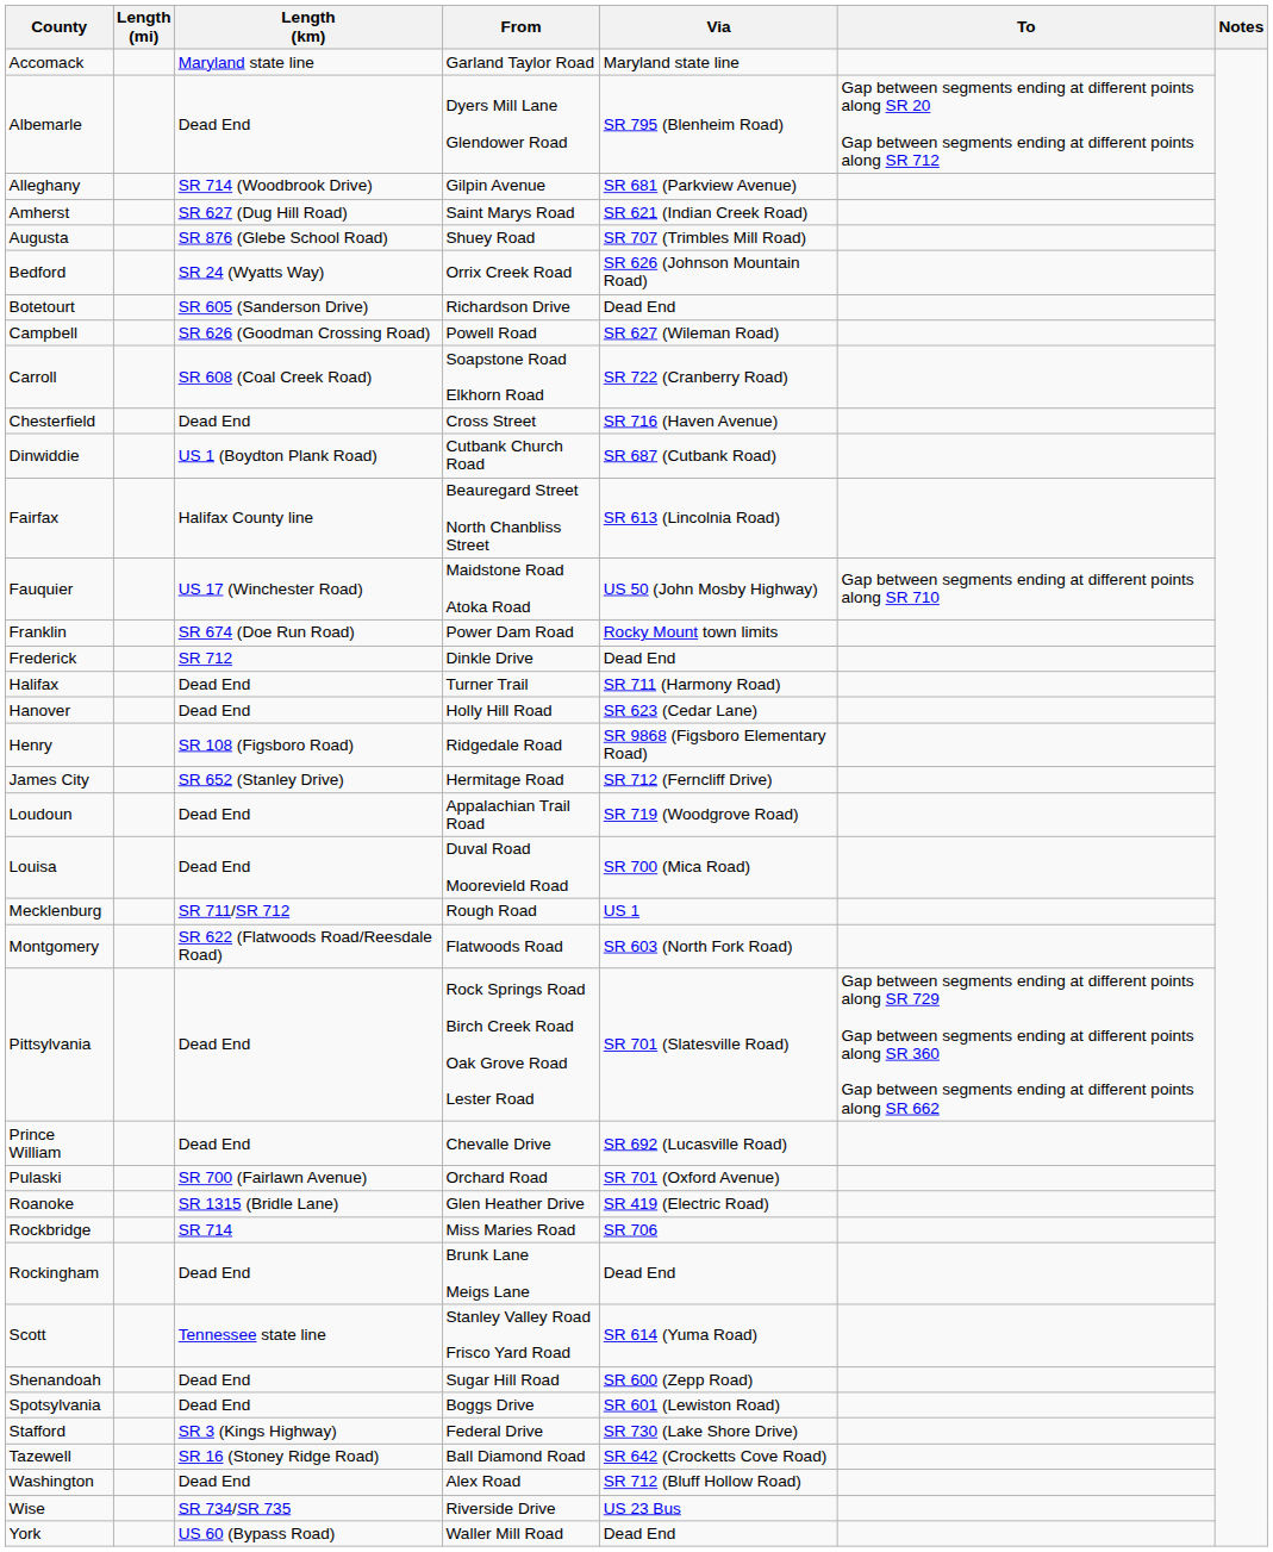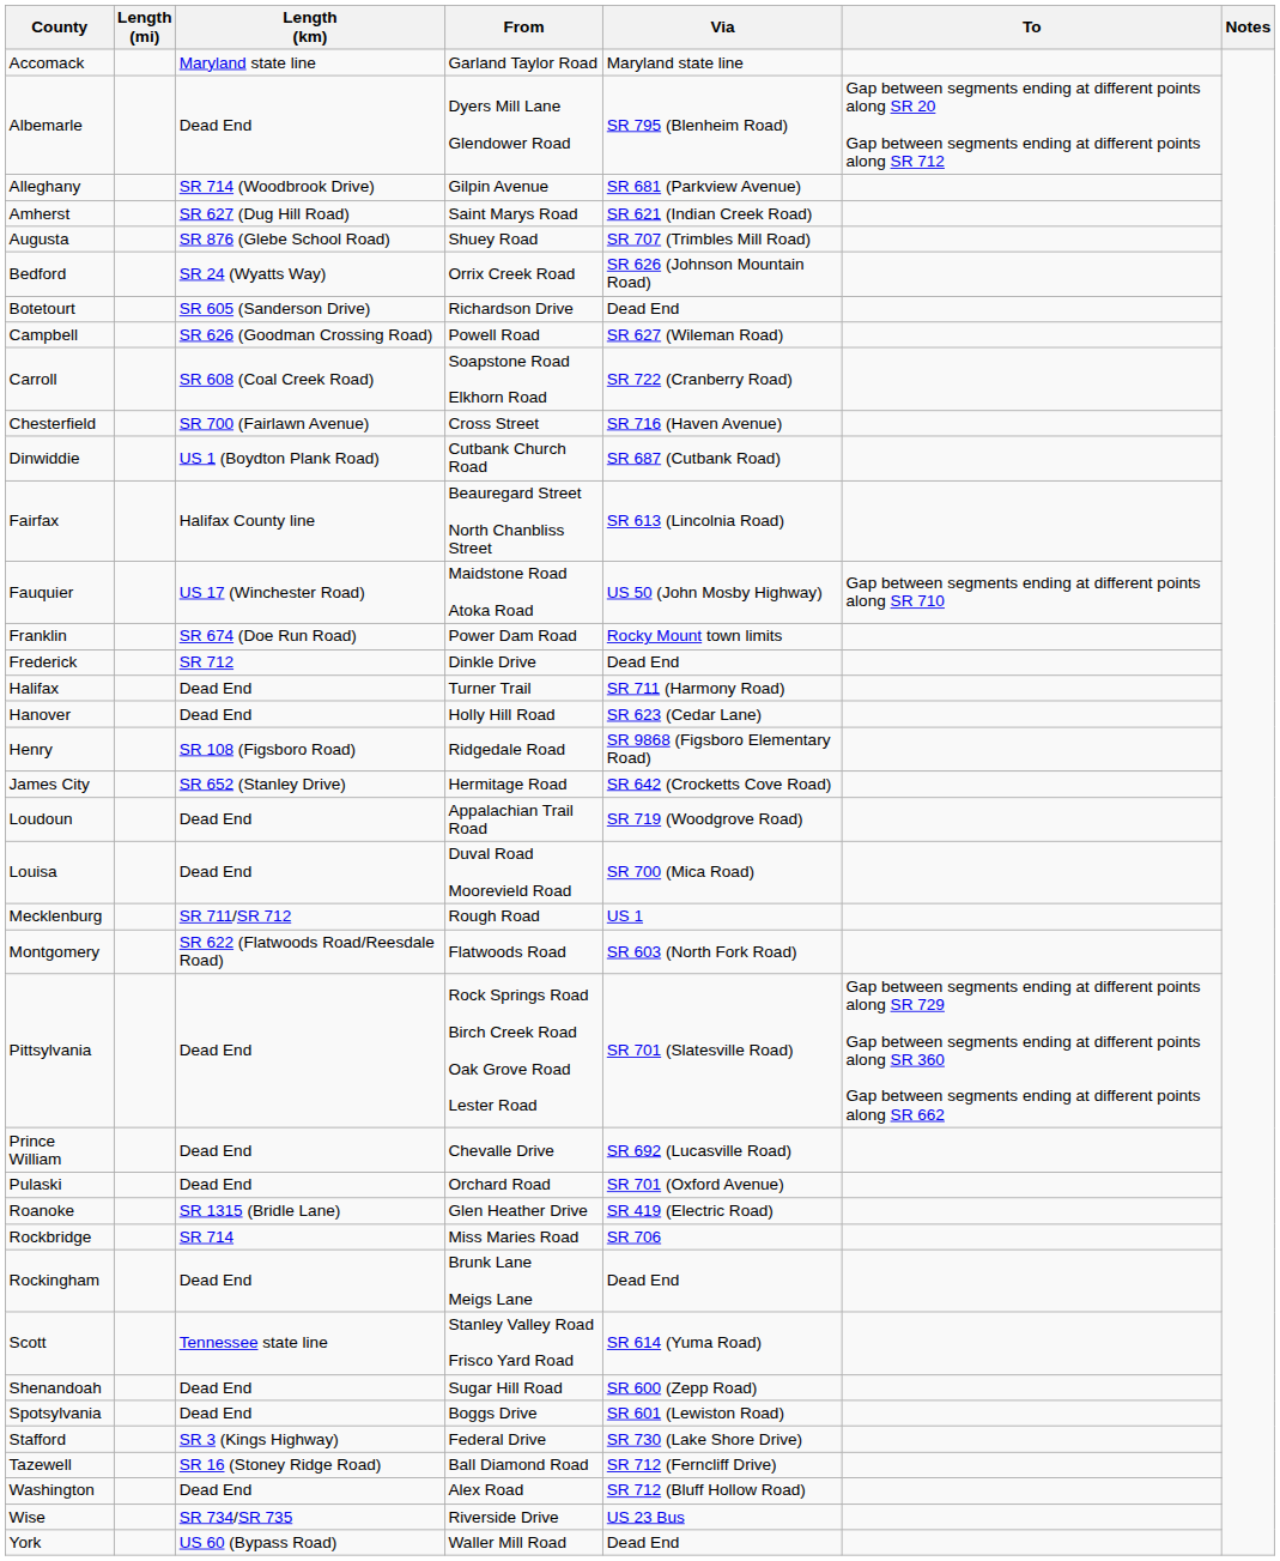 <table class="wikitable sortable">
 <tr>
 <th>County</th>
 <th>Length<br>(mi)</th>
 <th>Length<br>(km)</th>
 <th class="unsortable">From</th>
 <th class="unsortable">Via</th>
 <th class="unsortable">To</th>
 <th class="unsortable">Notes</th>
 </tr>
 <tr>
 <td id="Accomack">Accomack</td>
 <td></td>
 <td><a href='#'>Maryland</a> state line</td>
 <td>Garland Taylor Road</td>
 <td>Maryland state line</td>
 <td></td>
 </tr>
 <tr>
 <td id="Albemarle">Albemarle</td>
 <td></td>
 <td>Dead End</td>
 <td>Dyers Mill Lane<br><br>Glendower Road</td>
 <td><a href='#'>SR 795</a> (Blenheim Road)</td>
 <td>Gap between segments ending at different points along <a href='#'>SR 20</a><br><br>Gap between segments ending at different points along <a href='#'>SR 712</a></td>
 </tr>
 <tr>
 <td id="Alleghany">Alleghany</td>
 <td></td>
 <td><a href='#'>SR 714</a> (Woodbrook Drive)</td>
 <td>Gilpin Avenue</td>
 <td><a href='#'>SR 681</a> (Parkview Avenue)</td>
 <td><br></td>
 </tr>
 <tr>
 <td id="Amherst">Amherst</td>
 <td></td>
 <td><a href='#'>SR 627</a> (Dug Hill Road)</td>
 <td>Saint Marys Road</td>
 <td><a href='#'>SR 621</a> (Indian Creek Road)</td>
 <td><br> </td>
 </tr>
 <tr>
 <td id="Augusta">Augusta</td>
 <td></td>
 <td><a href='#'>SR 876</a> (Glebe School Road)</td>
 <td>Shuey Road</td>
 <td><a href='#'>SR 707</a> (Trimbles Mill Road)</td>
 <td><br></td>
 </tr>
 <tr>
 <td id="Bedford">Bedford</td>
 <td></td>
 <td><a href='#'>SR 24</a> (Wyatts Way)</td>
 <td>Orrix Creek Road</td>
 <td><a href='#'>SR 626</a> (Johnson Mountain Road)</td>
 <td><br></td>
 </tr>
 <tr>
 <td id="Botetourt">Botetourt</td>
 <td></td>
 <td><a href='#'>SR 605</a> (Sanderson Drive)</td>
 <td>Richardson Drive</td>
 <td>Dead End</td>
 <td><br>  </td>
 </tr>
 <tr>
 <td id="Campbell">Campbell</td>
 <td></td>
 <td><a href='#'>SR 626</a> (Goodman Crossing Road)</td>
 <td>Powell Road</td>
 <td><a href='#'>SR 627</a> (Wileman Road)</td>
 <td><br></td>
 </tr>
 <tr>
 <td id="Carroll">Carroll</td>
 <td></td>
 <td><a href='#'>SR 608</a> (Coal Creek Road)</td>
 <td>Soapstone Road<br><br>Elkhorn Road</td>
 <td><a href='#'>SR 722</a> (Cranberry Road)</td>
 <td><br> </td>
 </tr>
 <tr>
 <td id="Chesterfield">Chesterfield</td>
 <td></td>
-<td>Dead End</td>
+<td><a href='#'>SR 700</a> (Fairlawn Avenue)</td>
 <td>Cross Street</td>
 <td><a href='#'>SR 716</a> (Haven Avenue)</td>
 <td><br>    </td>
 </tr>
 <tr>
 <td id="Dinwiddie">Dinwiddie</td>
 <td></td>
 <td><a href='#'>US 1</a> (Boydton Plank Road)</td>
 <td>Cutbank Church Road</td>
 <td><a href='#'>SR 687</a> (Cutbank Road)</td>
 <td><br></td>
 </tr>
 <tr>
 <td id="Fairfax">Fairfax</td>
 <td></td>
 <td>Halifax County line</td>
 <td>Beauregard Street<br><br>North Chanbliss Street</td>
 <td><a href='#'>SR 613</a> (Lincolnia Road)</td>
 <td></td>
 </tr>
 <tr>
 <td id="Fauquier">Fauquier</td>
 <td></td>
 <td><a href='#'>US 17</a> (Winchester Road)</td>
 <td>Maidstone Road<br><br>Atoka Road</td>
 <td><a href='#'>US 50</a> (John Mosby Highway)</td>
 <td>Gap between segments ending at different points along <a href='#'>SR 710</a><br> </td>
 </tr>
 <tr>
 <td id="Franklin">Franklin</td>
 <td></td>
 <td><a href='#'>SR 674</a> (Doe Run Road)</td>
 <td>Power Dam Road</td>
 <td><a href='#'>Rocky Mount</a> town limits</td>
 <td></td>
 </tr>
 <tr>
 <td id="Frederick">Frederick</td>
 <td></td>
 <td><a href='#'>SR 712</a></td>
 <td>Dinkle Drive</td>
 <td>Dead End</td>
 <td><br>     </td>
 </tr>
 <tr>
 <td id="Halifax">Halifax</td>
 <td></td>
 <td>Dead End</td>
 <td>Turner Trail</td>
 <td><a href='#'>SR 711</a> (Harmony Road)</td>
 <td></td>
 </tr>
 <tr>
 <td id="Hanover">Hanover</td>
 <td></td>
 <td>Dead End</td>
 <td>Holly Hill Road</td>
 <td><a href='#'>SR 623</a> (Cedar Lane)</td>
 <td><br></td>
 </tr>
 <tr>
 <td id="Henry">Henry</td>
 <td></td>
 <td><a href='#'>SR 108</a> (Figsboro Road)</td>
 <td>Ridgedale Road</td>
 <td><a href='#'>SR 9868</a> (Figsboro Elementary Road)</td>
 <td><br> </td>
 </tr>
 <tr>
 <td id="James City">James City</td>
 <td></td>
 <td><a href='#'>SR 652</a> (Stanley Drive)</td>
 <td>Hermitage Road</td>
-<td><a href='#'>SR 712</a> (Ferncliff Drive)</td>
+<td><a href='#'>SR 642</a> (Crocketts Cove Road)</td>
 <td><br>    </td>
 </tr>
 <tr>
 <td id="Loudoun">Loudoun</td>
 <td></td>
 <td>Dead End</td>
 <td>Appalachian Trail Road</td>
 <td><a href='#'>SR 719</a> (Woodgrove Road)</td>
 <td></td>
 </tr>
 <tr>
 <td id="Louisa">Louisa</td>
 <td></td>
 <td>Dead End</td>
 <td>Duval Road<br><br>Moorevield Road</td>
 <td><a href='#'>SR 700</a> (Mica Road)</td>
 <td><br>  </td>
 </tr>
 <tr>
 <td id="Mecklenburg">Mecklenburg</td>
 <td></td>
 <td><a href='#'>SR 711</a>/<a href='#'>SR 712</a></td>
 <td>Rough Road</td>
 <td><a href='#'>US 1</a></td>
 <td><br></td>
 </tr>
 <tr>
 <td id="Montgomery">Montgomery</td>
 <td></td>
 <td><a href='#'>SR 622</a> (Flatwoods Road/Reesdale Road)</td>
 <td>Flatwoods Road</td>
 <td><a href='#'>SR 603</a> (North Fork Road)</td>
 <td><br>       </td>
 </tr>
 <tr>
 <td id="Pittsylvania">Pittsylvania</td>
 <td></td>
 <td>Dead End</td>
 <td>Rock Springs Road<br><br>Birch Creek Road<br><br>Oak Grove Road<br><br>Lester Road</td>
 <td><a href='#'>SR 701</a> (Slatesville Road)</td>
 <td>Gap between segments ending at different points along <a href='#'>SR 729</a><br><br>Gap between segments ending at different points along <a href='#'>SR 360</a><br><br>Gap between segments ending at different points along <a href='#'>SR 662</a><br>  </td>
 </tr>
 <tr>
 <td id="Prince William">Prince William</td>
 <td></td>
 <td>Dead End</td>
 <td>Chevalle Drive</td>
 <td><a href='#'>SR 692</a> (Lucasville Road)</td>
 <td></td>
 </tr>
 <tr>
 <td id="Pulaski">Pulaski</td>
 <td></td>
-<td><a href='#'>SR 700</a> (Fairlawn Avenue)</td>
+<td>Dead End</td>
 <td>Orchard Road</td>
 <td><a href='#'>SR 701</a> (Oxford Avenue)</td>
 <td><br> </td>
 </tr>
 <tr>
 <td id="Roanoke">Roanoke</td>
 <td></td>
 <td><a href='#'>SR 1315</a> (Bridle Lane)</td>
 <td>Glen Heather Drive</td>
 <td><a href='#'>SR 419</a> (Electric Road)</td>
 <td></td>
 </tr>
 <tr>
 <td id="Rockbridge">Rockbridge</td>
 <td></td>
 <td><a href='#'>SR 714</a></td>
 <td>Miss Maries Road</td>
 <td><a href='#'>SR 706</a></td>
 <td></td>
 </tr>
 <tr>
 <td id="Rockingham">Rockingham</td>
 <td></td>
 <td>Dead End</td>
 <td>Brunk Lane<br><br>Meigs Lane</td>
 <td>Dead End</td>
 <td><br></td>
 </tr>
 <tr>
 <td id="Scott">Scott</td>
 <td></td>
 <td><a href='#'>Tennessee</a> state line</td>
 <td>Stanley Valley Road<br><br>Frisco Yard Road</td>
 <td><a href='#'>SR 614</a> (Yuma Road)</td>
 <td></td>
 </tr>
 <tr>
 <td id="Shenandoah">Shenandoah</td>
 <td></td>
 <td>Dead End</td>
 <td>Sugar Hill Road</td>
 <td><a href='#'>SR 600</a> (Zepp Road)</td>
 <td><br> </td>
 </tr>
 <tr>
 <td id="Spotsylvania">Spotsylvania</td>
 <td></td>
 <td>Dead End</td>
 <td>Boggs Drive</td>
 <td><a href='#'>SR 601</a> (Lewiston Road)</td>
 <td></td>
 </tr>
 <tr>
 <td id="Stafford">Stafford</td>
 <td></td>
 <td><a href='#'>SR 3</a> (Kings Highway)</td>
 <td>Federal Drive</td>
 <td><a href='#'>SR 730</a> (Lake Shore Drive)</td>
 <td><br> </td>
 </tr>
 <tr>
 <td id="Tazewell">Tazewell</td>
 <td></td>
 <td><a href='#'>SR 16</a> (Stoney Ridge Road)</td>
 <td>Ball Diamond Road</td>
-<td><a href='#'>SR 642</a> (Crocketts Cove Road)</td>
+<td><a href='#'>SR 712</a> (Ferncliff Drive)</td>
 <td><br></td>
 </tr>
 <tr>
 <td id="Washington">Washington</td>
 <td></td>
 <td>Dead End</td>
 <td>Alex Road</td>
 <td><a href='#'>SR 712</a> (Bluff Hollow Road)</td>
 <td><br></td>
 </tr>
 <tr>
 <td id="Wise">Wise</td>
 <td></td>
 <td><a href='#'>SR 734</a>/<a href='#'>SR 735</a></td>
 <td>Riverside Drive</td>
 <td><a href='#'>US 23 Bus</a></td>
 <td><br></td>
 </tr>
 <tr>
 <td id="York">York</td>
 <td></td>
 <td><a href='#'>US 60</a> (Bypass Road)</td>
 <td>Waller Mill Road</td>
 <td>Dead End</td>
 <td></td>
 </tr>
 </table>
